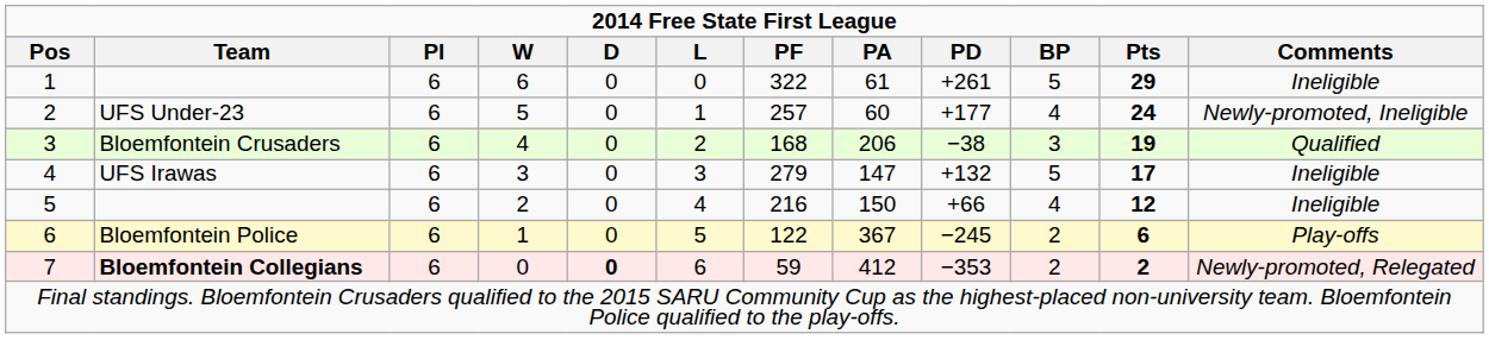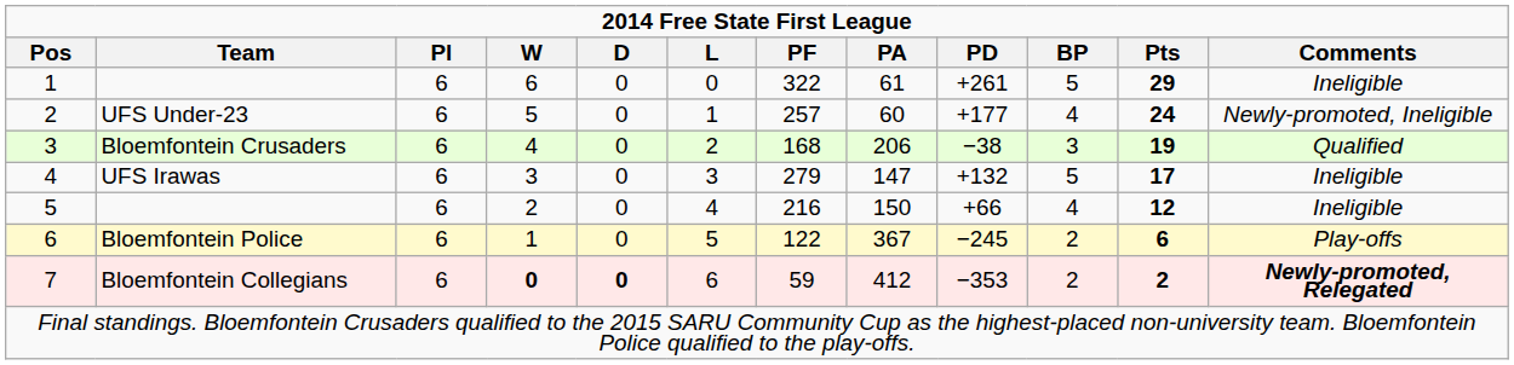 <table class="wikitable"  style="text-align:center; line-height:90%; font-size:90%; width:75%;">
 <tr>
 <td colspan=12><strong>2014 Free State First League</strong></td>
 </tr>
 <tr>
 <th style="width:6%;">Pos</th>
 <th style="width:20%;">Team</th>
 <th style="width:6%;">Pl</th>
 <th style="width:6%;">W</th>
 <th style="width:6%;">D</th>
 <th style="width:6%;">L</th>
 <th style="width:6%;">PF</th>
 <th style="width:6%;">PA</th>
 <th style="width:6%;">PD</th>
 <th style="width:6%;">BP</th>
 <th style="width:6%;">Pts</th>
 <th style="width:20%;">Comments<br></th>
 </tr>
 <tr>
 <td>1</td>
 <td style="text-align:left;"></td>
 <td>6</td>
 <td>6</td>
 <td>0</td>
 <td>0</td>
 <td>322</td>
 <td>61</td>
 <td>+261</td>
 <td>5</td>
 <td><strong>29</strong></td>
 <td><em>Ineligible</em></td>
 </tr>
 <tr>
 <td>2</td>
 <td style="text-align:left;">UFS Under-23</td>
 <td>6</td>
 <td>5</td>
 <td>0</td>
 <td>1</td>
 <td>257</td>
 <td>60</td>
 <td>+177</td>
 <td>4</td>
 <td><strong>24</strong></td>
 <td><em>Newly-promoted, Ineligible</em></td>
 </tr>
 <tr bgcolor="#E8FFD8">
 <td>3</td>
 <td style="text-align:left;">Bloemfontein Crusaders</td>
 <td>6</td>
 <td>4</td>
 <td>0</td>
 <td>2</td>
 <td>168</td>
 <td>206</td>
 <td>−38</td>
 <td>3</td>
 <td><strong>19</strong></td>
 <td><em>Qualified</em></td>
 </tr>
 <tr>
 <td>4</td>
 <td style="text-align:left;">UFS Irawas</td>
 <td>6</td>
 <td>3</td>
 <td>0</td>
 <td>3</td>
 <td>279</td>
 <td>147</td>
 <td>+132</td>
 <td>5</td>
 <td><strong>17</strong></td>
 <td><em>Ineligible</em></td>
 </tr>
 <tr>
 <td>5</td>
 <td style="text-align:left;"></td>
 <td>6</td>
 <td>2</td>
 <td>0</td>
 <td>4</td>
 <td>216</td>
 <td>150</td>
 <td>+66</td>
 <td>4</td>
 <td><strong>12</strong></td>
 <td><em>Ineligible</em></td>
 </tr>
 <tr bgcolor="#FFFACD">
 <td>6</td>
 <td style="text-align:left;">Bloemfontein Police</td>
 <td>6</td>
 <td>1</td>
 <td>0</td>
 <td>5</td>
 <td>122</td>
 <td>367</td>
 <td>−245</td>
 <td>2</td>
 <td><strong>6</strong></td>
 <td><em>Play-offs</em></td>
 </tr>
 <tr bgcolor="#FFE8E8">
 <td>7</td>
-<td style="text-align:left;"><strong>Bloemfontein Collegians</strong></td>
+<td style="text-align:left;">Bloemfontein Collegians</td>
 <td>6</td>
-<td>0</td>
+<td><strong>0</strong></td>
 <td><strong>0</strong></td>
 <td>6</td>
 <td>59</td>
 <td>412</td>
 <td>−353</td>
 <td>2</td>
 <td><strong>2</strong></td>
-<td><em>Newly-promoted, Relegated</em></td>
+<td><strong><em>Newly-promoted, Relegated</em></strong></td>
 </tr>
 <tr>
 <td colspan=12><em>Final standings. Bloemfontein Crusaders qualified to the 2015 SARU Community Cup as the highest-placed non-university team. Bloemfontein Police qualified to the play-offs.</em></td>
 </tr>
 </table>
